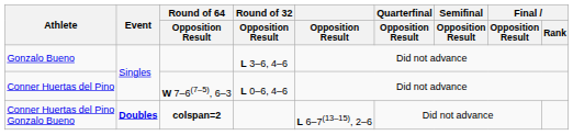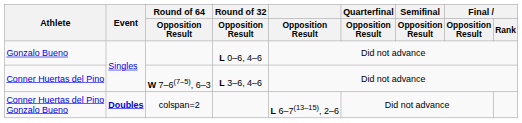 <table class=wikitable style=font-size:90%;text-align:center>
 <tr>
 <th rowspan=2>Athlete</th>
 <th rowspan=2>Event</th>
 <th>Round of 64</th>
 <th>Round of 32</th>
 <th></th>
 <th>Quarterfinal</th>
 <th>Semifinal</th>
 <th colspan=2>Final / </th>
 </tr>
 <tr style=font-size:95%>
 <th>Opposition<br>Result</th>
 <th>Opposition<br>Result</th>
 <th>Opposition<br>Result</th>
 <th>Opposition<br>Result</th>
 <th>Opposition<br>Result</th>
 <th>Opposition<br>Result</th>
 <th>Rank</th>
 </tr>
 <tr>
 <td align=left><a href='#'>Gonzalo Bueno</a></td>
 <td align=left rowspan=2><a href='#'>Singles</a></td>
 <td></td>
-<td><br><strong>L</strong> 3–6, 4–6</td>
+<td><br><strong>L</strong> 0–6, 4–6</td>
 <td colspan=5>Did not advance</td>
 </tr>
 <tr>
 <td align=left><a href='#'>Conner Huertas del Pino</a></td>
 <td><br><strong>W</strong> 7–6<sup>(7–5)</sup>, 6–3</td>
-<td><br><strong>L</strong> 0–6, 4–6</td>
+<td><br><strong>L</strong> 3–6, 4–6</td>
 <td colspan=5>Did not advance</td>
 </tr>
 <tr>
 <td align=left><a href='#'>Conner Huertas del Pino</a><br><a href='#'>Gonzalo Bueno</a></td>
 <td align=left><strong><a href='#'>Doubles</a></strong></td>
-<td><strong>colspan=2 </strong></td>
+<td>colspan=2 </td>
 <td></td>
 <td><br><strong>L</strong> 6–7<sup>(13–15)</sup>, 2–6</td>
 <td colspan=3>Did not advance</td>
 </tr>
 </table>
